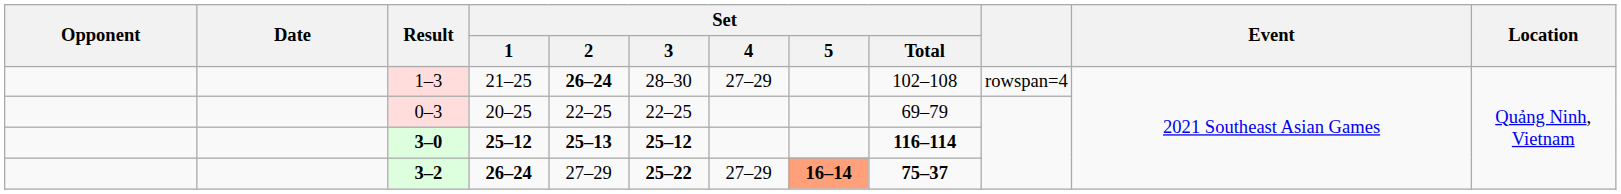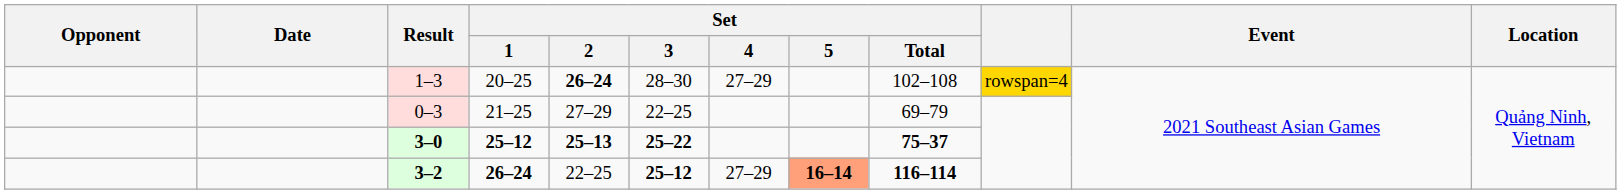 <table class="wikitable" style="font-size:90%; width=100%">
 <tr>
 <th rowspan=2 width=12%>Opponent</th>
 <th rowspan=2 width=12%>Date</th>
 <th rowspan=2 width=5%>Result</th>
 <th colspan=6>Set</th>
 <th rowspan=2 width=5%></th>
 <th rowspan=2 width=25%>Event</th>
 <th rowspan=2 width=15%>Location</th>
 </tr>
 <tr>
 <th width=5%>1</th>
 <th width=5%>2</th>
 <th width=5%>3</th>
 <th width=5%>4</th>
 <th width=5%>5</th>
 <th width=7%>Total</th>
 </tr>
 <tr style="text-align:center;">
 <td style="text-align:left;"></td>
 <td></td>
 <td style="background:#ffdddd;">1–3</td>
-<td>21–25</td>
+<td>20–25</td>
 <td><strong>26–24</strong></td>
 <td>28–30</td>
 <td>27–29</td>
 <td></td>
 <td>102–108</td>
-<td>rowspan=4 </td>
+<td style="background: gold;">rowspan=4 </td>
 <td rowspan=4><a href='#'>2021 Southeast Asian Games</a></td>
 <td rowspan=4><a href='#'>Quảng Ninh</a>, <a href='#'>Vietnam</a></td>
 </tr>
 <tr style="text-align:center;">
 <td style="text-align:left;"></td>
 <td></td>
 <td style="background:#ffdddd;">0–3</td>
-<td>20–25</td>
-<td>22–25</td>
+<td>21–25</td>
+<td>27–29</td>
 <td>22–25</td>
 <td></td>
 <td></td>
 <td>69–79</td>
 </tr>
 <tr style="text-align:center;">
 <td style="text-align:left;"></td>
 <td></td>
 <td style="background:#ddffdd;"><strong>3–0</strong></td>
 <td><strong>25–12</strong></td>
 <td><strong>25–13</strong></td>
-<td><strong>25–12</strong></td>
+<td><strong>25–22</strong></td>
 <td></td>
 <td></td>
-<td><strong>116–114</strong></td>
+<td><strong>75–37</strong></td>
 </tr>
 <tr style="text-align:center;">
 <td style="text-align:left;"></td>
 <td></td>
 <td style="background:#ddffdd;"><strong>3–2</strong></td>
 <td><strong>26–24</strong></td>
-<td>27–29</td>
-<td><strong>25–22</strong></td>
+<td>22–25</td>
+<td><strong>25–12</strong></td>
 <td>27–29</td>
 <td style="background: lightsalmon;"><strong>16–14</strong></td>
-<td><strong>75–37</strong></td>
+<td><strong>116–114</strong></td>
 </tr>
 </table>
